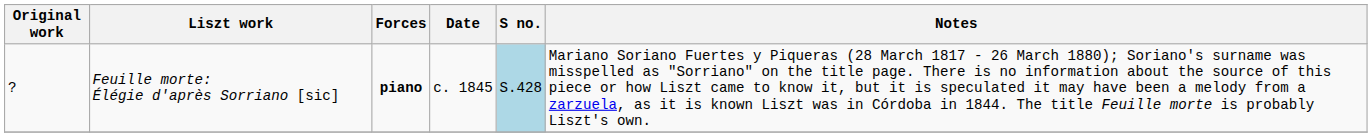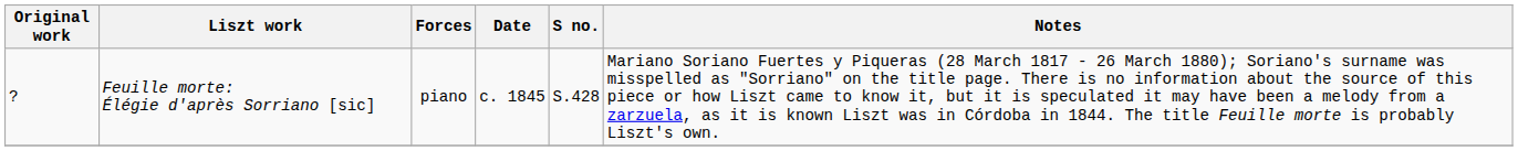 <table class="wikitable">
 <tr>
 <th>Original work</th>
 <th>Liszt work</th>
 <th>Forces</th>
 <th>Date</th>
 <th>S no.</th>
 <th>Notes</th>
 </tr>
 <tr>
 <td>?</td>
 <td><em>Feuille morte: Élégie d'après Sorriano</em> [sic]</td>
-<td style="text-align: center"><strong>piano</strong></td>
+<td style="text-align: center">piano</td>
 <td>c. 1845</td>
-<td style="background: lightblue;">S.428</td>
+<td>S.428</td>
 <td>Mariano Soriano Fuertes y Piqueras (28 March 1817 - 26 March 1880);  Soriano's surname was misspelled as "Sorriano" on the title page.  There is no information about the source of this piece or how Liszt came to know it, but it is speculated it may have been a melody from a <a href='#'>zarzuela</a>, as it is known Liszt was in Córdoba in 1844.  The title <em>Feuille morte</em> is probably Liszt's own.</td>
 </tr>
 <tr>
 </tr>
 </table>
